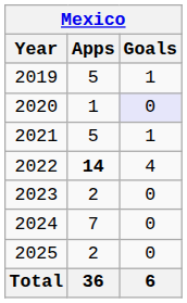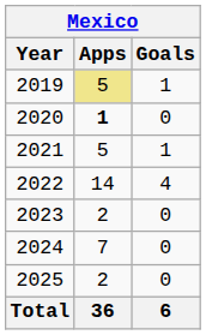 <table class="wikitable" style="text-align:center">
 <tr>
 <th colspan=3><a href='#'>Mexico</a></th>
 </tr>
 <tr>
 <th>Year</th>
 <th>Apps</th>
 <th>Goals</th>
 </tr>
 <tr>
 <td>2019</td>
-<td>5</td>
+<td style="background: khaki;">5</td>
 <td>1</td>
 </tr>
 <tr>
 <td>2020</td>
-<td>1</td>
-<td style="background: lavender;">0</td>
+<td><strong>1</strong></td>
+<td>0</td>
 </tr>
 <tr>
 <td>2021</td>
 <td>5</td>
 <td>1</td>
 </tr>
 <tr>
 <td>2022</td>
-<td><strong>14</strong></td>
+<td>14</td>
 <td>4</td>
 </tr>
 <tr>
 <td>2023</td>
 <td>2</td>
 <td>0</td>
 </tr>
 <tr>
 <td>2024</td>
 <td>7</td>
 <td>0</td>
 </tr>
 <tr>
 <td>2025</td>
 <td>2</td>
 <td>0</td>
 </tr>
 <tr>
 <th>Total</th>
 <th>36</th>
 <th>6</th>
 </tr>
 </table>
